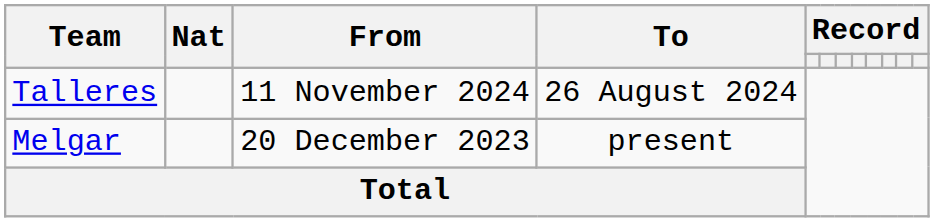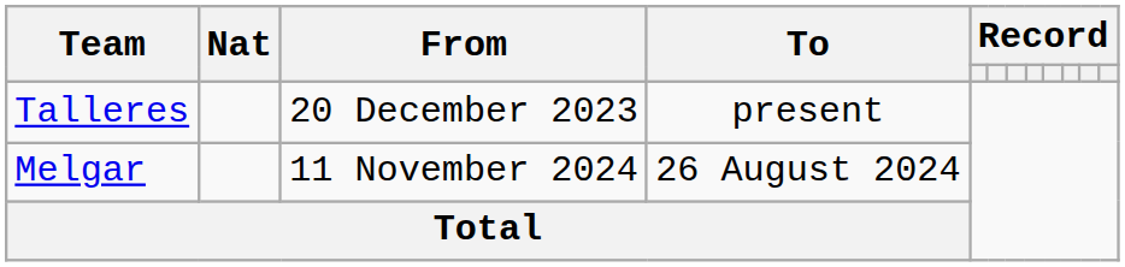 <table class="wikitable" tyle="text-align: center">
 <tr>
 <th rowspan="2">Team</th>
 <th rowspan="2">Nat</th>
 <th rowspan="2">From</th>
 <th rowspan="2">To</th>
 <th colspan="8">Record</th>
 </tr>
 <tr>
 <th></th>
 <th></th>
 <th></th>
 <th></th>
 <th></th>
 <th></th>
 <th></th>
 <th></th>
 </tr>
 <tr>
 <td align=left><a href='#'>Talleres</a></td>
 <td rowspan="1"></td>
-<td align=center>11 November 2024</td>
-<td align=center>26 August 2024<br></td>
+<td align=center>20 December 2023</td>
+<td align=center>present<br></td>
 </tr>
 <tr>
 <td align=left><a href='#'>Melgar</a></td>
 <td rowspan="1"></td>
-<td align=center>20 December 2023</td>
-<td align=center>present<br></td>
+<td align=center>11 November 2024</td>
+<td align=center>26 August 2024<br></td>
 </tr>
 <tr>
 <th colspan=4>Total<br></th>
 </tr>
 </table>
